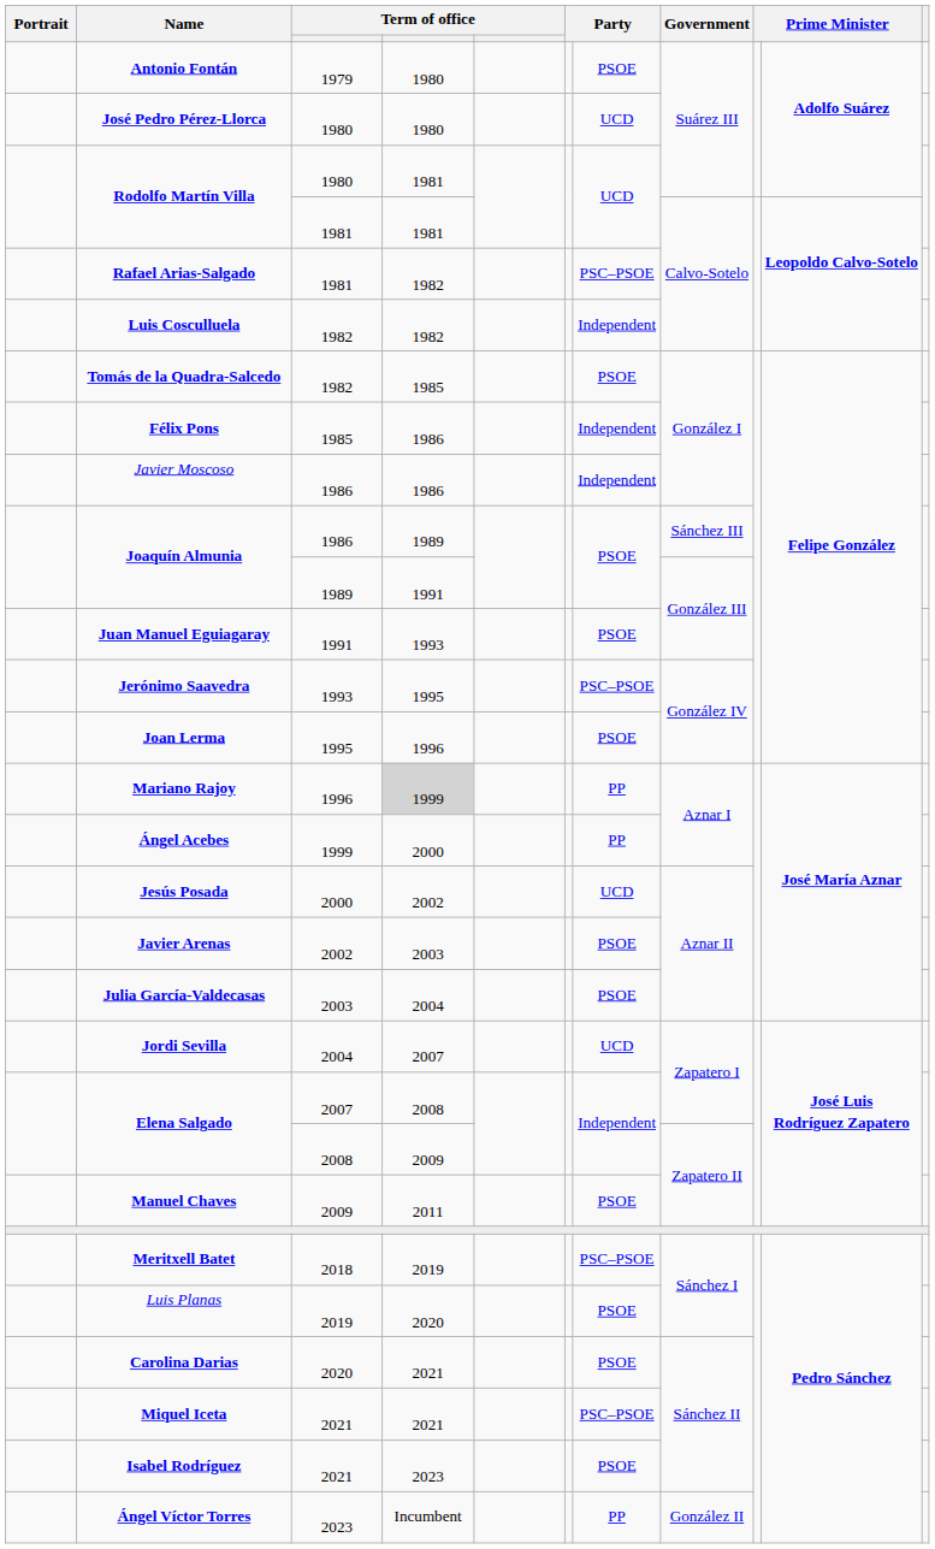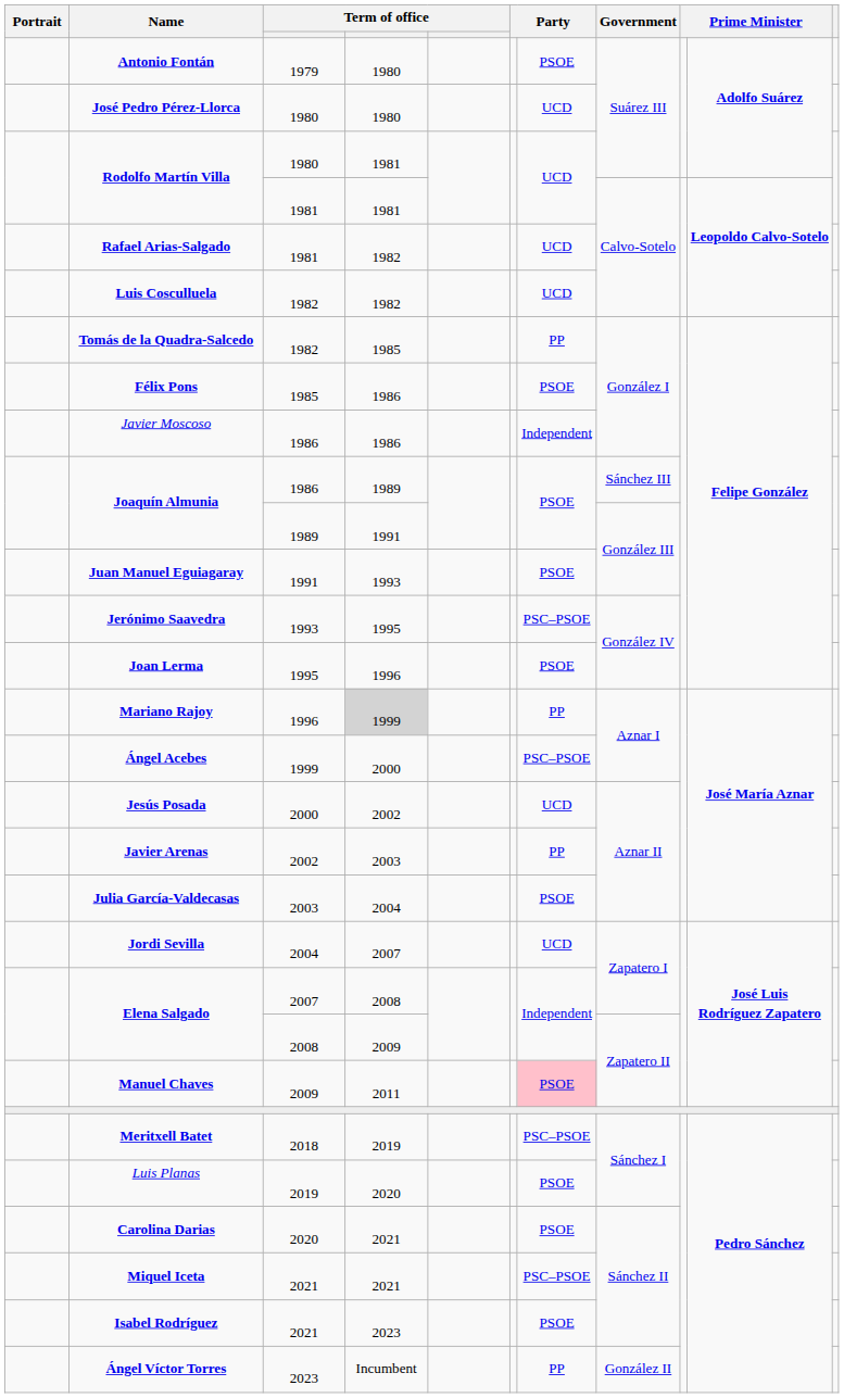 <table class="wikitable" style="line-height:1.4em; text-align:center; border:1px #aaf solid;">
 <tr>
 <th rowspan="2" width="65">Portrait</th>
 <th rowspan="2" width="210">Name<br></th>
 <th colspan="3">Term of office</th>
 <th rowspan="2" colspan="2" width="90">Party</th>
 <th rowspan="2">Government</th>
 <th rowspan="2" colspan="2"><a href='#'>Prime Minister</a><br></th>
 <th rowspan="2"></th>
 </tr>
 <tr>
 <th width="85"></th>
 <th width="85"></th>
 <th width="85"></th>
 </tr>
 <tr>
 <td></td>
 <td><strong><a href='#'>Antonio Fontán</a></strong><br></td>
 <td class="nowrap"><br>1979</td>
 <td class="nowrap"><br>1980</td>
 <td style="font-size:95%;"></td>
 <td width="1" style="color:inherit;background:"></td>
 <td><a href='#'>PSOE</a></td>
 <td rowspan="3"><a href='#'>Suárez III</a></td>
 <td rowspan="3" width="1" style="color:inherit;background:"></td>
 <td rowspan="3"><strong><a href='#'>Adolfo Suárez</a></strong><br><br></td>
 <td align="center"><br></td>
 </tr>
 <tr>
 <td></td>
 <td><strong><a href='#'>José Pedro Pérez-Llorca</a></strong><br></td>
 <td class="nowrap"><br>1980</td>
 <td class="nowrap"><br>1980</td>
 <td style="font-size:95%;"></td>
 <td style="color:inherit;background:"></td>
 <td><a href='#'>UCD</a></td>
 <td align="center"><br></td>
 </tr>
 <tr>
 <td rowspan="2"></td>
 <td rowspan="2"><strong><a href='#'>Rodolfo Martín Villa</a></strong><br></td>
 <td class="nowrap"><br>1980</td>
 <td class="nowrap"><br>1981</td>
 <td rowspan="2" style="font-size:95%;"></td>
 <td rowspan="2" style="color:inherit;background:"></td>
 <td rowspan="2"><a href='#'>UCD</a></td>
 <td rowspan="2" align="center"><br><br></td>
 </tr>
 <tr>
 <td class="nowrap"><br>1981</td>
 <td class="nowrap"><br>1981</td>
 <td rowspan="3"><a href='#'>Calvo-Sotelo</a></td>
 <td rowspan="3" style="color:inherit;background:"></td>
 <td rowspan="3"><strong><a href='#'>Leopoldo Calvo-Sotelo</a></strong><br><br></td>
 </tr>
 <tr>
 <td></td>
 <td><strong><a href='#'>Rafael Arias-Salgado</a></strong><br></td>
 <td class="nowrap"><br>1981</td>
 <td class="nowrap"><br>1982</td>
 <td style="font-size:95%;"></td>
 <td style="color:inherit;background:"></td>
-<td><a href='#'>PSC–PSOE</a></td>
+<td><a href='#'>UCD</a></td>
 <td align="center"><br></td>
 </tr>
 <tr>
 <td></td>
 <td><strong><a href='#'>Luis Cosculluela</a></strong><br></td>
 <td class="nowrap"><br>1982</td>
 <td class="nowrap"><br>1982</td>
 <td style="font-size:95%;"></td>
 <td style="color:inherit;background:"></td>
-<td><a href='#'>Independent</a></td>
+<td><a href='#'>UCD</a></td>
 <td align="center"><br></td>
 </tr>
 <tr>
 <td></td>
 <td><strong><a href='#'>Tomás de la Quadra-Salcedo</a></strong><br></td>
 <td class="nowrap"><br>1982</td>
 <td class="nowrap"><br>1985</td>
 <td style="font-size:95%;"></td>
 <td style="color:inherit;background:"></td>
-<td><a href='#'>PSOE</a></td>
+<td><a href='#'>PP</a></td>
 <td rowspan="3"><a href='#'>González I</a></td>
 <td rowspan="8" style="color:inherit;background:"></td>
 <td rowspan="8"><strong><a href='#'>Felipe González</a></strong><br><br></td>
 <td align="center"><br></td>
 </tr>
 <tr>
 <td></td>
 <td><strong><a href='#'>Félix Pons</a></strong><br></td>
 <td class="nowrap"><br>1985</td>
 <td class="nowrap"><br>1986<br></td>
 <td style="font-size:95%;"></td>
 <td style="color:inherit;background:"></td>
-<td><a href='#'>Independent</a></td>
+<td><a href='#'>PSOE</a></td>
 <td><br></td>
 </tr>
 <tr>
 <td></td>
 <td><em><a href='#'>Javier Moscoso</a><br></em><br></td>
 <td class="nowrap"><br>1986</td>
 <td class="nowrap"><br>1986</td>
 <td style="font-size:95%;"></td>
 <td style="color:inherit;background:"></td>
 <td><a href='#'>Independent</a></td>
 <td align="center"></td>
 </tr>
 <tr>
 <td rowspan="2"></td>
 <td rowspan="2"><strong><a href='#'>Joaquín Almunia</a></strong><br></td>
 <td class="nowrap"><br>1986</td>
 <td class="nowrap"><br>1989</td>
 <td rowspan="2" style="font-size:95%;"></td>
 <td rowspan="2" style="color:inherit;background:"></td>
 <td rowspan="2"><a href='#'>PSOE</a></td>
 <td><a href='#'>Sánchez III</a></td>
 <td rowspan="2" align="center"><br><br></td>
 </tr>
 <tr>
 <td class="nowrap"><br>1989</td>
 <td class="nowrap"><br>1991</td>
 <td rowspan="2"><a href='#'>González III</a></td>
 </tr>
 <tr>
 <td></td>
 <td><strong><a href='#'>Juan Manuel Eguiagaray</a></strong><br></td>
 <td class="nowrap"><br>1991</td>
 <td class="nowrap"><br>1993</td>
 <td style="font-size:95%;"></td>
 <td style="color:inherit;background:"></td>
 <td><a href='#'>PSOE</a></td>
 <td align="center"><br></td>
 </tr>
 <tr>
 <td></td>
 <td><strong><a href='#'>Jerónimo Saavedra</a></strong><br></td>
 <td class="nowrap"><br>1993</td>
 <td class="nowrap"><br>1995</td>
 <td style="font-size:95%;"></td>
 <td style="color:inherit;background:"></td>
 <td><a href='#'>PSC–PSOE</a></td>
 <td rowspan="2"><a href='#'>González IV</a></td>
 <td align="center"><br></td>
 </tr>
 <tr>
 <td></td>
 <td><strong><a href='#'>Joan Lerma</a></strong><br></td>
 <td class="nowrap"><br>1995</td>
 <td class="nowrap"><br>1996</td>
 <td style="font-size:95%;"></td>
 <td style="color:inherit;background:"></td>
 <td><a href='#'>PSOE</a></td>
 <td align="center"><br></td>
 </tr>
 <tr>
 <td></td>
 <td><strong><a href='#'>Mariano Rajoy</a></strong><br></td>
 <td class="nowrap"><br>1996</td>
 <td class="nowrap" style="background: lightgrey;"><br>1999</td>
 <td style="font-size:95%;"></td>
 <td style="color:inherit;background:"></td>
 <td><a href='#'>PP</a></td>
 <td rowspan="2"><a href='#'>Aznar I</a></td>
 <td rowspan="5" style="color:inherit;background:"></td>
 <td rowspan="5"><strong><a href='#'>José María Aznar</a></strong><br><br></td>
 <td align="center"><br></td>
 </tr>
 <tr>
 <td></td>
 <td><strong><a href='#'>Ángel Acebes</a></strong><br></td>
 <td class="nowrap"><br>1999</td>
 <td class="nowrap"><br>2000</td>
 <td style="font-size:95%;"></td>
 <td style="color:inherit;background:"></td>
-<td><a href='#'>PP</a></td>
+<td><a href='#'>PSC–PSOE</a></td>
 <td align="center"><br></td>
 </tr>
 <tr>
 <td></td>
 <td><strong><a href='#'>Jesús Posada</a></strong><br></td>
 <td class="nowrap"><br>2000</td>
 <td class="nowrap"><br>2002</td>
 <td style="font-size:95%;"></td>
 <td style="color:inherit;background:"></td>
 <td><a href='#'>UCD</a></td>
 <td rowspan="3"><a href='#'>Aznar II</a></td>
 <td align="center"><br></td>
 </tr>
 <tr>
 <td></td>
 <td><strong><a href='#'>Javier Arenas</a></strong><br></td>
 <td class="nowrap"><br>2002</td>
 <td class="nowrap"><br>2003</td>
 <td style="font-size:95%;"></td>
 <td style="color:inherit;background:"></td>
-<td><a href='#'>PSOE</a></td>
+<td><a href='#'>PP</a></td>
 <td align="center"><br></td>
 </tr>
 <tr>
 <td></td>
 <td><strong><a href='#'>Julia García-Valdecasas</a></strong><br></td>
 <td class="nowrap"><br>2003</td>
 <td class="nowrap"><br>2004</td>
 <td style="font-size:95%;"></td>
 <td style="color:inherit;background:"></td>
 <td><a href='#'>PSOE</a></td>
 <td align="center"><br></td>
 </tr>
 <tr>
 <td></td>
 <td><strong><a href='#'>Jordi Sevilla</a></strong><br></td>
 <td class="nowrap"><br>2004</td>
 <td class="nowrap"><br>2007</td>
 <td style="font-size:95%;"></td>
 <td style="color:inherit;background:"></td>
 <td><a href='#'>UCD</a></td>
 <td rowspan="2"><a href='#'>Zapatero I</a></td>
 <td rowspan="4" style="color:inherit;background:"></td>
 <td rowspan="4"><strong><a href='#'>José Luis<br>Rodríguez Zapatero</a></strong><br><br></td>
 <td align="center"><br></td>
 </tr>
 <tr>
 <td rowspan="2"></td>
 <td rowspan="2"><strong><a href='#'>Elena Salgado</a></strong><br></td>
 <td class="nowrap"><br>2007</td>
 <td class="nowrap"><br>2008</td>
 <td rowspan="2" style="font-size:95%;"></td>
 <td rowspan="2" style="color:inherit;background:"></td>
 <td rowspan="2"><a href='#'>Independent</a></td>
 <td rowspan="2" align="center"><br><br></td>
 </tr>
 <tr>
 <td class="nowrap"><br>2008</td>
 <td class="nowrap"><br>2009</td>
 <td rowspan="2"><a href='#'>Zapatero II</a></td>
 </tr>
 <tr>
 <td></td>
 <td><strong><a href='#'>Manuel Chaves</a></strong><br></td>
 <td class="nowrap"><br>2009</td>
 <td class="nowrap"><br>2011</td>
 <td style="font-size:95%;"></td>
 <td style="color:inherit;background:"></td>
-<td><a href='#'>PSOE</a></td>
+<td style="background: pink;"><a href='#'>PSOE</a></td>
 <td align="center"><br><br></td>
 </tr>
 <tr>
 <td colspan="11" style="color:inherit;background:#EEEEEE;"></td>
 </tr>
 <tr>
 <td></td>
 <td><strong><a href='#'>Meritxell Batet</a></strong><br></td>
 <td class="nowrap"><br>2018</td>
 <td class="nowrap"><br>2019<br></td>
 <td style="font-size:95%;"></td>
 <td style="color:inherit;background:"></td>
 <td><a href='#'>PSC–PSOE</a></td>
 <td rowspan="2"><a href='#'>Sánchez I</a></td>
 <td rowspan="6" style="color:inherit;background:"></td>
 <td rowspan="6"><strong><a href='#'>Pedro Sánchez</a></strong><br><br></td>
 <td align="center"><br></td>
 </tr>
 <tr>
 <td></td>
 <td><em><a href='#'>Luis Planas</a><br></em><br></td>
 <td class="nowrap"><br>2019</td>
 <td class="nowrap"><br>2020</td>
 <td style="font-size:95%;"></td>
 <td style="color:inherit;background:"></td>
 <td><a href='#'>PSOE</a></td>
 <td align="center"></td>
 </tr>
 <tr>
 <td></td>
 <td><strong><a href='#'>Carolina Darias</a></strong><br></td>
 <td class="nowrap"><br>2020</td>
 <td class="nowrap"><br>2021</td>
 <td style="font-size:95%;"></td>
 <td style="color:inherit;background:"></td>
 <td><a href='#'>PSOE</a></td>
 <td rowspan="3"><a href='#'>Sánchez II</a></td>
 <td align="center"><br></td>
 </tr>
 <tr>
 <td></td>
 <td><strong><a href='#'>Miquel Iceta</a></strong><br></td>
 <td class="nowrap"><br>2021</td>
 <td class="nowrap"><br>2021</td>
 <td style="font-size:95%;"></td>
 <td style="color:inherit;background:"></td>
 <td><a href='#'>PSC–PSOE</a></td>
 <td align="center"><br></td>
 </tr>
 <tr>
 <td></td>
 <td><strong><a href='#'>Isabel Rodríguez</a></strong><br></td>
 <td class="nowrap"><br>2021</td>
 <td class="nowrap"><br>2023</td>
 <td style="font-size:95%;"></td>
 <td style="color:inherit;background:"></td>
 <td><a href='#'>PSOE</a></td>
 <td align="center"><br></td>
 </tr>
 <tr>
 <td></td>
 <td><strong><a href='#'>Ángel Víctor Torres</a></strong><br></td>
 <td class="nowrap"><br>2023</td>
 <td class="nowrap">Incumbent</td>
 <td style="font-size:95%;"></td>
 <td style="color:inherit;background:"></td>
 <td><a href='#'>PP</a></td>
 <td><a href='#'>González II</a></td>
 <td align="center"></td>
 </tr>
 </table>
